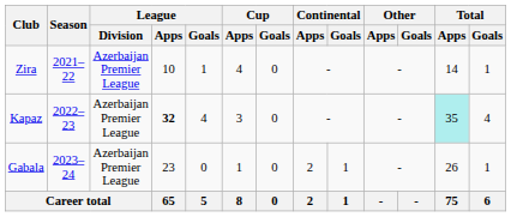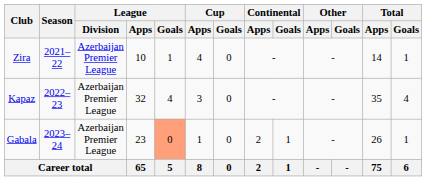 <table class="wikitable" style="text-align: center">
 <tr>
 <th rowspan="2">Club</th>
 <th rowspan="2">Season</th>
 <th colspan="3">League</th>
 <th colspan="2">Cup</th>
 <th colspan="2">Continental</th>
 <th colspan="2">Other</th>
 <th colspan="2">Total</th>
 </tr>
 <tr>
 <th>Division</th>
 <th>Apps</th>
 <th>Goals</th>
 <th>Apps</th>
 <th>Goals</th>
 <th>Apps</th>
 <th>Goals</th>
 <th>Apps</th>
 <th>Goals</th>
 <th>Apps</th>
 <th>Goals</th>
 </tr>
 <tr>
 <td rowspan="1" valign="center"><a href='#'>Zira</a></td>
 <td><a href='#'>2021–22</a></td>
 <td rowspan="1"><a href='#'>Azerbaijan Premier League</a></td>
 <td>10</td>
 <td>1</td>
 <td>4</td>
 <td>0</td>
 <td colspan="2">-</td>
 <td colspan="2">-</td>
 <td>14</td>
 <td>1</td>
 </tr>
 <tr>
 <td rowspan="1" valign="center"><a href='#'>Kapaz</a></td>
 <td><a href='#'>2022–23</a></td>
 <td rowspan="1">Azerbaijan Premier League</td>
-<td><strong>32</strong></td>
+<td>32</td>
 <td>4</td>
 <td>3</td>
 <td>0</td>
 <td colspan="2">-</td>
 <td colspan="2">-</td>
-<td style="background: paleturquoise;">35</td>
+<td>35</td>
 <td>4</td>
 </tr>
 <tr>
 <td rowspan="1" valign="center"><a href='#'>Gabala</a></td>
 <td><a href='#'>2023–24</a></td>
 <td rowspan="1">Azerbaijan Premier League</td>
 <td>23</td>
-<td>0</td>
+<td style="background: lightsalmon;">0</td>
 <td>1</td>
 <td>0</td>
 <td>2</td>
 <td>1</td>
 <td colspan="2">-</td>
 <td>26</td>
 <td>1</td>
 </tr>
 <tr>
 <th colspan="3">Career total</th>
 <th>65</th>
 <th>5</th>
 <th>8</th>
 <th>0</th>
 <th>2</th>
 <th>1</th>
 <th>-</th>
 <th>-</th>
 <th>75</th>
 <th>6</th>
 </tr>
 </table>
